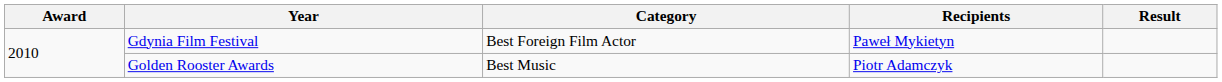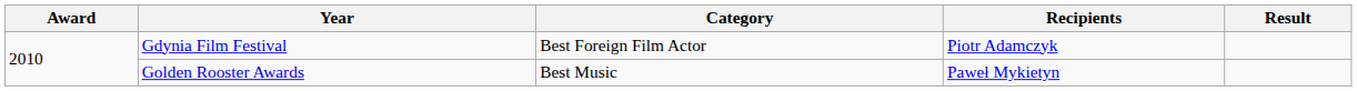 <table class="wikitable sortable plainrowheaders" width="100%">
 <tr>
 <th scope="col">Award</th>
 <th scope="col">Year</th>
 <th scope="col">Category</th>
 <th scope="col">Recipients</th>
 <th scope="col">Result</th>
 </tr>
 <tr>
 <td rowspan=2>2010</td>
 <td><a href='#'>Gdynia Film Festival</a></td>
 <td>Best Foreign Film Actor</td>
-<td><a href='#'>Paweł Mykietyn</a></td>
+<td><a href='#'>Piotr Adamczyk</a></td>
 <td></td>
 </tr>
 <tr>
 <td><a href='#'>Golden Rooster Awards</a></td>
 <td>Best Music</td>
-<td><a href='#'>Piotr Adamczyk</a></td>
+<td><a href='#'>Paweł Mykietyn</a></td>
 <td></td>
 </tr>
 </table>
